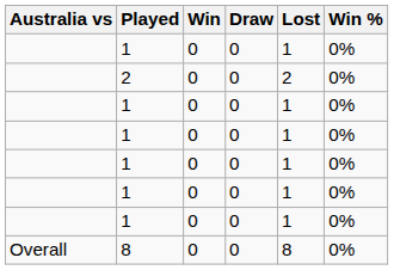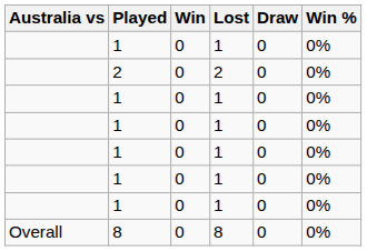 <table class="wikitable">
 <tr>
 <th>Australia vs</th>
 <th>Played</th>
 <th>Win</th>
+<th>Lost</th>
 <th>Draw</th>
-<th>Lost</th>
 <th>Win %</th>
 </tr>
 <tr>
 <td></td>
 <td>1</td>
 <td>0</td>
+<td>1</td>
 <td>0</td>
-<td>1</td>
 <td>0%</td>
 </tr>
 <tr>
 <td></td>
 <td>2</td>
 <td>0</td>
+<td>2</td>
 <td>0</td>
-<td>2</td>
 <td>0%</td>
 </tr>
 <tr>
 <td></td>
 <td>1</td>
 <td>0</td>
+<td>1</td>
 <td>0</td>
-<td>1</td>
 <td>0%</td>
 </tr>
 <tr>
 <td></td>
 <td>1</td>
 <td>0</td>
+<td>1</td>
 <td>0</td>
-<td>1</td>
 <td>0%</td>
 </tr>
 <tr>
 <td></td>
 <td>1</td>
 <td>0</td>
+<td>1</td>
 <td>0</td>
-<td>1</td>
 <td>0%</td>
 </tr>
 <tr>
 <td></td>
 <td>1</td>
 <td>0</td>
+<td>1</td>
 <td>0</td>
-<td>1</td>
 <td>0%</td>
 </tr>
 <tr>
 <td></td>
 <td>1</td>
 <td>0</td>
+<td>1</td>
 <td>0</td>
-<td>1</td>
 <td>0%</td>
 </tr>
 <tr>
 <td>Overall</td>
 <td>8</td>
 <td>0</td>
+<td>8</td>
 <td>0</td>
-<td>8</td>
 <td>0%</td>
 </tr>
 </table>
